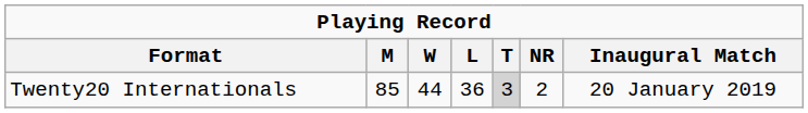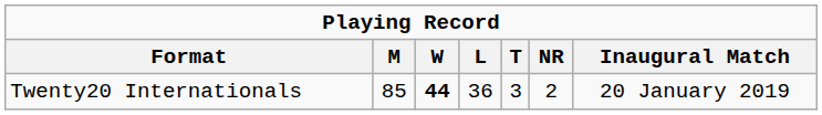 <table class="wikitable" style="text-align: center; width: 500px;">
 <tr>
 <td colspan=7 align="center"><strong>Playing Record</strong></td>
 </tr>
 <tr>
 <th>Format</th>
 <th>M</th>
 <th>W</th>
 <th>L</th>
 <th>T</th>
 <th>NR</th>
 <th>Inaugural Match</th>
 </tr>
 <tr>
 <td align="left">Twenty20 Internationals</td>
 <td>85</td>
-<td>44</td>
+<td><strong>44</strong></td>
 <td>36</td>
-<td style="background: lightgrey;">3</td>
+<td>3</td>
 <td>2</td>
 <td>20 January 2019</td>
 </tr>
 </table>
